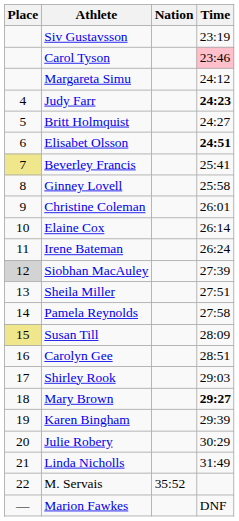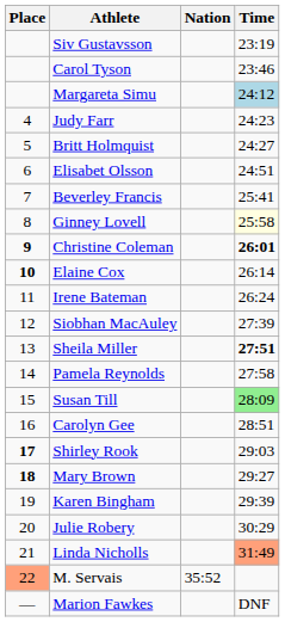 <table class=wikitable>
 <tr>
 <th>Place</th>
 <th>Athlete</th>
 <th>Nation</th>
 <th>Time</th>
 </tr>
 <tr>
 <td align=center></td>
 <td><a href='#'>Siv Gustavsson</a></td>
 <td></td>
 <td>23:19</td>
 </tr>
 <tr>
 <td align=center></td>
 <td><a href='#'>Carol Tyson</a></td>
 <td></td>
-<td style="background: pink;">23:46</td>
+<td>23:46</td>
 </tr>
 <tr>
 <td align=center></td>
 <td><a href='#'>Margareta Simu</a></td>
 <td></td>
-<td>24:12</td>
+<td style="background: lightblue;">24:12</td>
 </tr>
 <tr>
 <td align=center>4</td>
 <td><a href='#'>Judy Farr</a></td>
 <td></td>
-<td><strong>24:23</strong></td>
+<td>24:23</td>
 </tr>
 <tr>
 <td align=center>5</td>
 <td><a href='#'>Britt Holmquist</a></td>
 <td></td>
 <td>24:27</td>
 </tr>
 <tr>
 <td align=center>6</td>
 <td><a href='#'>Elisabet Olsson</a></td>
 <td></td>
-<td><strong>24:51</strong></td>
+<td>24:51</td>
 </tr>
 <tr>
-<td align=center style="background: khaki;">7</td>
+<td align=center>7</td>
 <td><a href='#'>Beverley Francis</a></td>
 <td></td>
 <td>25:41</td>
 </tr>
 <tr>
 <td align=center>8</td>
 <td><a href='#'>Ginney Lovell</a></td>
 <td></td>
-<td>25:58</td>
+<td style="background: lightyellow;">25:58</td>
 </tr>
 <tr>
-<td align=center>9</td>
+<td align=center><strong>9</strong></td>
 <td><a href='#'>Christine Coleman</a></td>
 <td></td>
-<td>26:01</td>
+<td><strong>26:01</strong></td>
 </tr>
 <tr>
-<td align=center>10</td>
+<td align=center><strong>10</strong></td>
 <td><a href='#'>Elaine Cox</a></td>
 <td></td>
 <td>26:14</td>
 </tr>
 <tr>
 <td align=center>11</td>
 <td><a href='#'>Irene Bateman</a></td>
 <td></td>
 <td>26:24</td>
 </tr>
 <tr>
-<td align=center style="background: lightgrey;">12</td>
+<td align=center>12</td>
 <td><a href='#'>Siobhan MacAuley</a></td>
 <td></td>
 <td>27:39</td>
 </tr>
 <tr>
 <td align=center>13</td>
 <td><a href='#'>Sheila Miller</a></td>
 <td></td>
-<td>27:51</td>
+<td><strong>27:51</strong></td>
 </tr>
 <tr>
 <td align=center>14</td>
 <td><a href='#'>Pamela Reynolds</a></td>
 <td></td>
 <td>27:58</td>
 </tr>
 <tr>
-<td align=center style="background: khaki;">15</td>
+<td align=center>15</td>
 <td><a href='#'>Susan Till</a></td>
 <td></td>
-<td>28:09</td>
+<td style="background: lightgreen;">28:09</td>
 </tr>
 <tr>
 <td align=center>16</td>
 <td><a href='#'>Carolyn Gee</a></td>
 <td></td>
 <td>28:51</td>
 </tr>
 <tr>
-<td align=center>17</td>
+<td align=center><strong>17</strong></td>
 <td><a href='#'>Shirley Rook</a></td>
 <td></td>
 <td>29:03</td>
 </tr>
 <tr>
-<td align=center>18</td>
+<td align=center><strong>18</strong></td>
 <td><a href='#'>Mary Brown</a></td>
 <td></td>
-<td><strong>29:27</strong></td>
+<td>29:27</td>
 </tr>
 <tr>
 <td align=center>19</td>
 <td><a href='#'>Karen Bingham</a></td>
 <td></td>
 <td>29:39</td>
 </tr>
 <tr>
 <td align=center>20</td>
 <td><a href='#'>Julie Robery</a></td>
 <td></td>
 <td>30:29</td>
 </tr>
 <tr>
 <td align=center>21</td>
 <td><a href='#'>Linda Nicholls</a></td>
 <td></td>
-<td>31:49</td>
+<td style="background: lightsalmon;">31:49</td>
 </tr>
 <tr>
-<td align=center>22</td>
+<td align=center style="background: lightsalmon;">22</td>
 <td>M. Servais </td>
 <td>35:52</td>
 </tr>
 <tr>
 <td align=center>—</td>
 <td><a href='#'>Marion Fawkes</a></td>
 <td></td>
 <td>DNF</td>
 </tr>
 </table>
